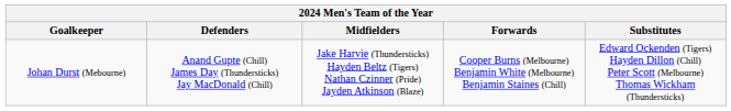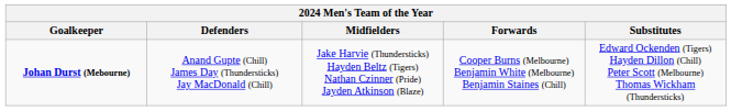 <table class=wikitable style="margin:auto; text-align:center">
 <tr>
 <th colspan=5><strong>2024 Men's Team of the Year</strong></th>
 </tr>
 <tr>
 <th style="width: 200px;">Goalkeeper</th>
 <th style="width: 220px;">Defenders</th>
 <th style="width: 200px;">Midfielders</th>
 <th style="width: 200px;">Forwards</th>
 <th style="width: 200px;">Substitutes</th>
 </tr>
 <tr>
-<td><a href='#'>Johan Durst</a> <small>(Mebourne)</small></td>
+<td><strong><a href='#'>Johan Durst</a> <small>(Mebourne)</small></strong></td>
 <td><a href='#'>Anand Gupte</a> <small>(Chill)</small><br><a href='#'>James Day</a> <small>(Thundersticks)</small><br><a href='#'>Jay MacDonald</a> <small>(Chill)</small></td>
 <td><a href='#'>Jake Harvie</a> <small>(Thundersticks)</small><br><a href='#'>Hayden Beltz</a> <small>(Tigers)</small><br><a href='#'>Nathan Czinner</a> <small>(Pride)</small><br><a href='#'>Jayden Atkinson</a> <small>(Blaze)</small></td>
 <td><a href='#'>Cooper Burns</a> <small>(Melbourne)</small><br><a href='#'>Benjamin White</a> <small>(Melbourne)</small><br><a href='#'>Benjamin Staines</a> <small>(Chill)</small></td>
 <td><a href='#'>Edward Ockenden</a> <small>(Tigers)</small><br><a href='#'>Hayden Dillon</a> <small>(Chill)</small><br><a href='#'>Peter Scott</a> <small>(Melbourne)</small><br><a href='#'>Thomas Wickham</a> <small>(Thundersticks)</small></td>
 </tr>
 </table>
